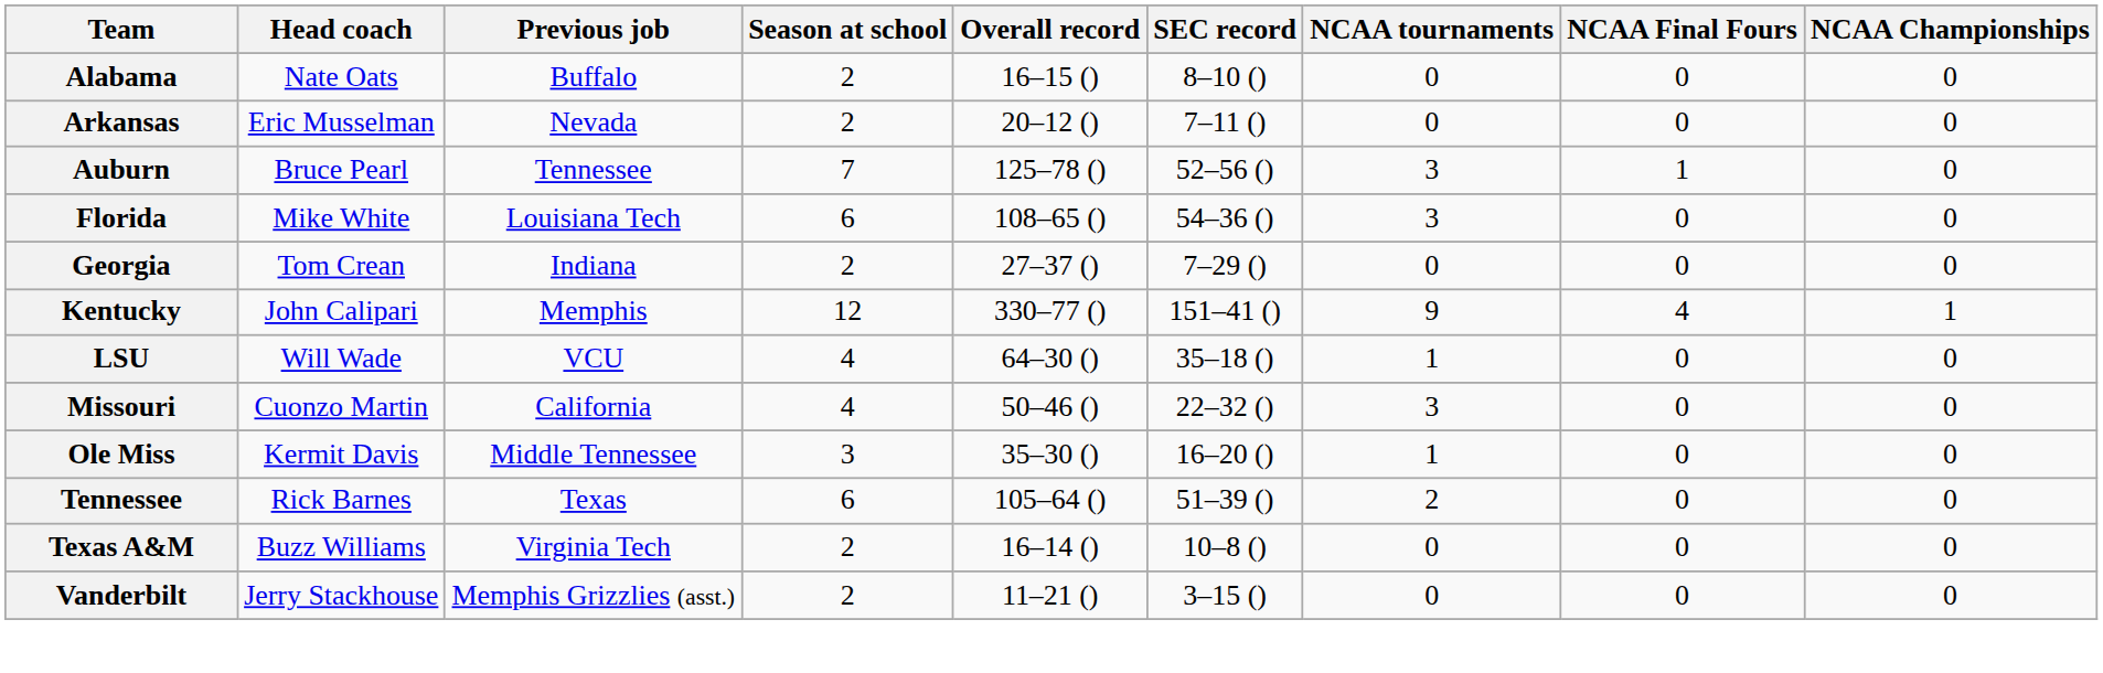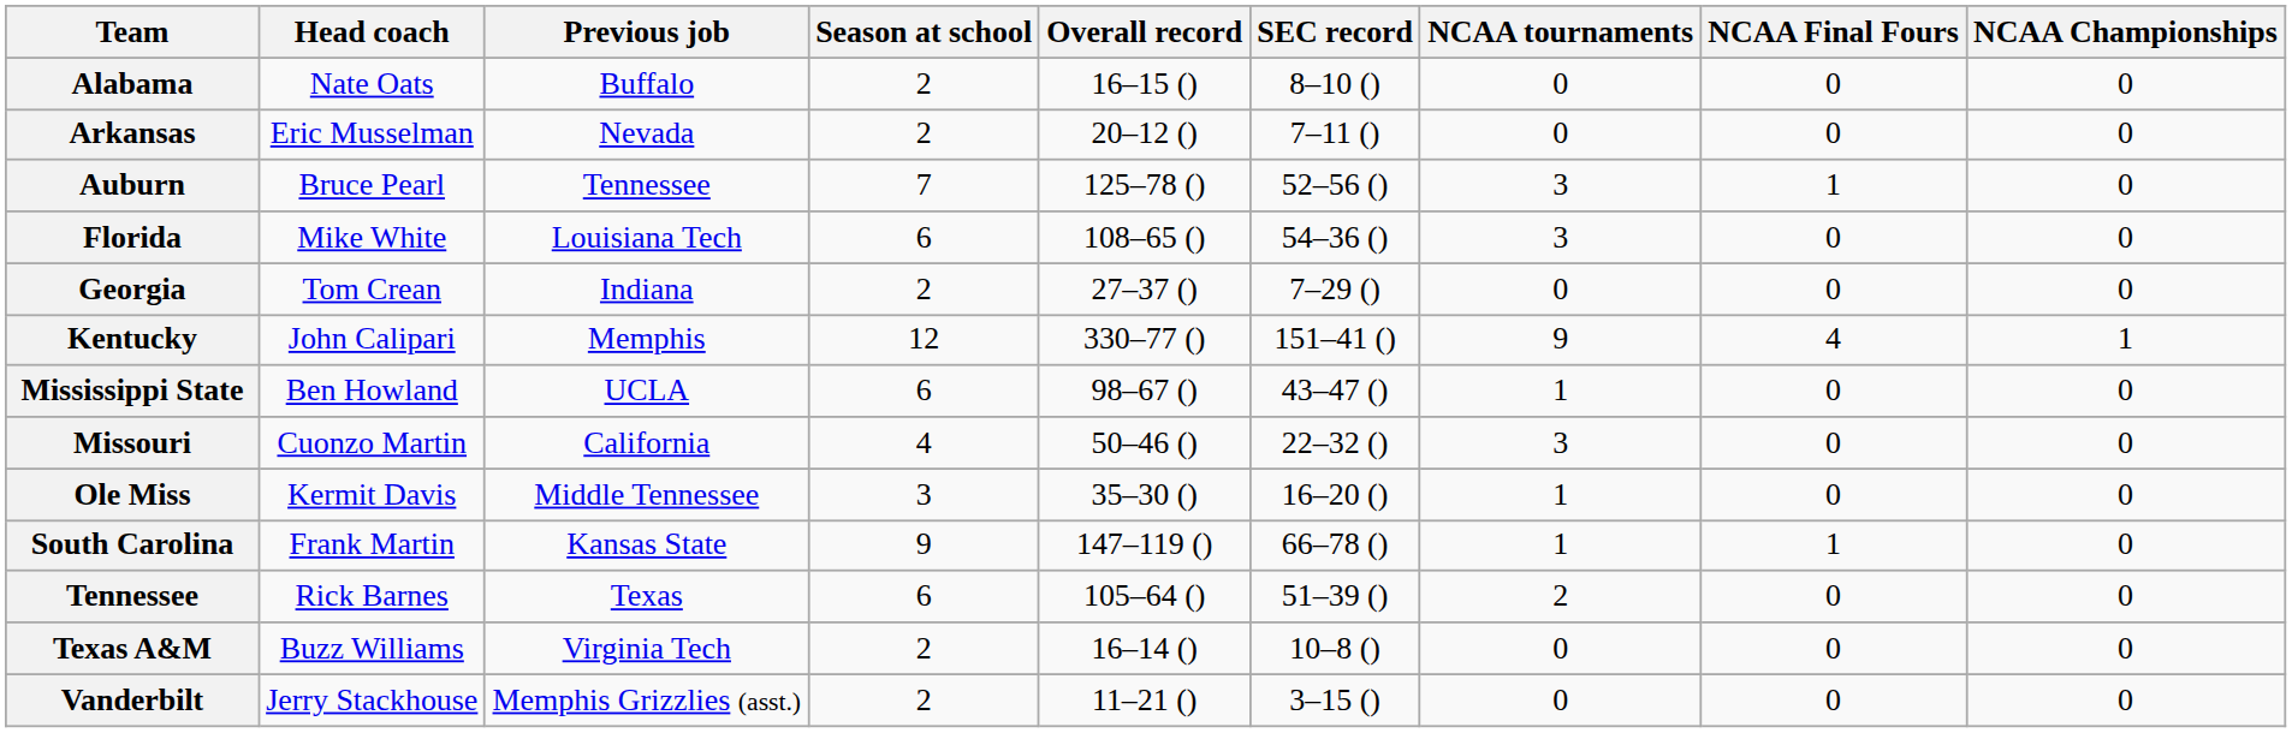 <table class="wikitable sortable" style="text-align: center;font-size:90%;">
 <tr>
 <th width="110">Team</th>
 <th>Head coach</th>
 <th>Previous job</th>
 <th>Season at school</th>
 <th>Overall record</th>
 <th>SEC record</th>
 <th>NCAA tournaments</th>
 <th>NCAA Final Fours</th>
 <th>NCAA Championships</th>
 </tr>
 <tr>
 <th>Alabama</th>
 <td><a href='#'>Nate Oats</a></td>
 <td><a href='#'>Buffalo</a></td>
 <td>2</td>
 <td>16–15 ()</td>
 <td>8–10 ()</td>
 <td>0</td>
 <td>0</td>
 <td>0</td>
 </tr>
 <tr>
 <th>Arkansas</th>
 <td><a href='#'>Eric Musselman</a></td>
 <td><a href='#'>Nevada</a></td>
 <td>2</td>
 <td>20–12 ()</td>
 <td>7–11 ()</td>
 <td>0</td>
 <td>0</td>
 <td>0</td>
 </tr>
 <tr>
 <th>Auburn</th>
 <td><a href='#'>Bruce Pearl</a></td>
 <td><a href='#'>Tennessee</a></td>
 <td>7</td>
 <td>125–78 ()</td>
 <td>52–56 ()</td>
 <td>3</td>
 <td>1</td>
 <td>0</td>
 </tr>
 <tr>
 <th>Florida</th>
 <td><a href='#'>Mike White</a></td>
 <td><a href='#'>Louisiana Tech</a></td>
 <td>6</td>
 <td>108–65 ()</td>
 <td>54–36 ()</td>
 <td>3</td>
 <td>0</td>
 <td>0</td>
 </tr>
 <tr>
 <th>Georgia</th>
 <td><a href='#'>Tom Crean</a></td>
 <td><a href='#'>Indiana</a></td>
 <td>2</td>
 <td>27–37 ()</td>
 <td>7–29 ()</td>
 <td>0</td>
 <td>0</td>
 <td>0</td>
 </tr>
 <tr>
 <th>Kentucky</th>
 <td><a href='#'>John Calipari</a></td>
 <td><a href='#'>Memphis</a></td>
 <td>12</td>
 <td>330–77 ()</td>
 <td>151–41 ()</td>
 <td>9</td>
 <td>4</td>
 <td>1</td>
 </tr>
 <tr>
-<th>LSU</th>
-<td><a href='#'>Will Wade</a></td>
-<td><a href='#'>VCU</a></td>
-<td>4</td>
-<td>64–30 ()</td>
-<td>35–18 ()</td>
+<th>Mississippi State</th>
+<td><a href='#'>Ben Howland</a></td>
+<td><a href='#'>UCLA</a></td>
+<td>6</td>
+<td>98–67 ()</td>
+<td>43–47 ()</td>
 <td>1</td>
 <td>0</td>
 <td>0</td>
 </tr>
 <tr>
 <th>Missouri</th>
 <td><a href='#'>Cuonzo Martin</a></td>
 <td><a href='#'>California</a></td>
 <td>4</td>
 <td>50–46 ()</td>
 <td>22–32 ()</td>
 <td>3</td>
 <td>0</td>
 <td>0</td>
 </tr>
 <tr>
 <th>Ole Miss</th>
 <td><a href='#'>Kermit Davis</a></td>
 <td><a href='#'>Middle Tennessee</a></td>
 <td>3</td>
 <td>35–30 ()</td>
 <td>16–20 ()</td>
 <td>1</td>
 <td>0</td>
+<td>0</td>
+</tr>
+<tr>
+<th>South Carolina</th>
+<td><a href='#'>Frank Martin</a></td>
+<td><a href='#'>Kansas State</a></td>
+<td>9</td>
+<td>147–119 ()</td>
+<td>66–78 ()</td>
+<td>1</td>
+<td>1</td>
 <td>0</td>
 </tr>
 <tr>
 <th>Tennessee</th>
 <td><a href='#'>Rick Barnes</a></td>
 <td><a href='#'>Texas</a></td>
 <td>6</td>
 <td>105–64 ()</td>
 <td>51–39 ()</td>
 <td>2</td>
 <td>0</td>
 <td>0</td>
 </tr>
 <tr>
 <th>Texas A&M</th>
 <td><a href='#'>Buzz Williams</a></td>
 <td><a href='#'>Virginia Tech</a></td>
 <td>2</td>
 <td>16–14 ()</td>
 <td>10–8 ()</td>
 <td>0</td>
 <td>0</td>
 <td>0</td>
 </tr>
 <tr>
 <th>Vanderbilt</th>
 <td><a href='#'>Jerry Stackhouse</a></td>
 <td><a href='#'>Memphis Grizzlies</a> <small>(asst.)</small></td>
 <td>2</td>
 <td>11–21 ()</td>
 <td>3–15 ()</td>
 <td>0</td>
 <td>0</td>
 <td>0</td>
 </tr>
 </table>
